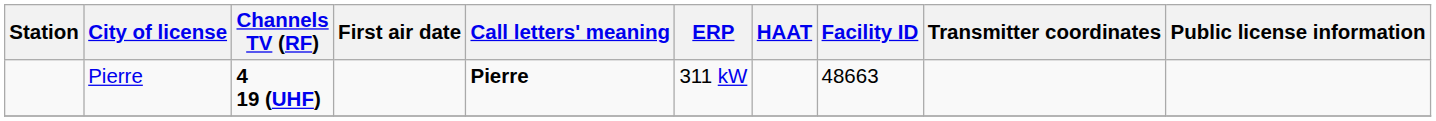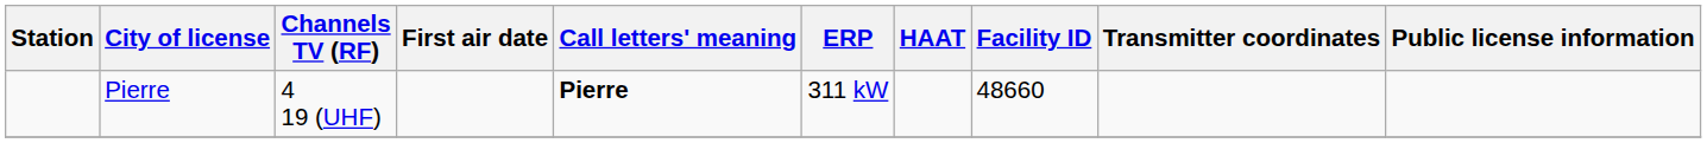 <table class="wikitable">
 <tr>
 <th>Station</th>
 <th><a href='#'>City of license</a></th>
 <th><a href='#'>Channels</a><br><a href='#'>TV</a> (<a href='#'>RF</a>)</th>
 <th>First air date</th>
 <th><a href='#'>Call letters' meaning</a></th>
 <th><a href='#'>ERP</a></th>
 <th><a href='#'>HAAT</a></th>
 <th><a href='#'>Facility ID</a></th>
 <th>Transmitter coordinates</th>
 <th>Public license information</th>
 </tr>
 <tr style="vertical-align: top; text-align: left;">
 <td></td>
 <td><a href='#'>Pierre</a></td>
-<td><strong>4<br>19 (<a href='#'>UHF</a>)</strong></td>
+<td>4<br>19 (<a href='#'>UHF</a>)</td>
 <td></td>
 <td><strong>Pierre</strong></td>
 <td>311 <a href='#'>kW</a></td>
 <td></td>
-<td>48663</td>
+<td>48660</td>
 <td></td>
 <td><br></td>
 </tr>
 <tr style="vertical-align: top; text-align: left;">
 </tr>
 </table>
